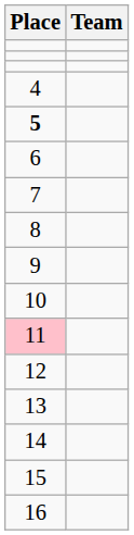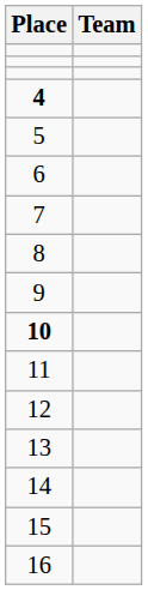 <table class="wikitable" style="text-align:center">
 <tr>
 <th>Place</th>
 <th>Team</th>
 </tr>
 <tr>
 <td></td>
 <td align="left"></td>
 </tr>
 <tr>
 <td></td>
 <td align="left"></td>
 </tr>
 <tr>
 <td></td>
 <td align="left"></td>
 </tr>
 <tr>
-<td>4</td>
+<td><strong>4</strong></td>
 <td align="left"></td>
 </tr>
 <tr>
-<td><strong>5</strong></td>
+<td>5</td>
 <td align="left"></td>
 </tr>
 <tr>
 <td>6</td>
 <td align="left"></td>
 </tr>
 <tr>
 <td>7</td>
 <td align="left"></td>
 </tr>
 <tr>
 <td>8</td>
 <td align="left"></td>
 </tr>
 <tr>
 <td>9</td>
 <td align="left"></td>
 </tr>
 <tr>
-<td>10</td>
+<td><strong>10</strong></td>
 <td align="left"></td>
 </tr>
 <tr>
-<td style="background: pink;">11</td>
+<td>11</td>
 <td align="left"></td>
 </tr>
 <tr>
 <td>12</td>
 <td align="left"></td>
 </tr>
 <tr>
 <td>13</td>
 <td align="left"></td>
 </tr>
 <tr>
 <td>14</td>
 <td align="left"></td>
 </tr>
 <tr>
 <td>15</td>
 <td align="left"></td>
 </tr>
 <tr>
 <td>16</td>
 <td align="left"></td>
 </tr>
 </table>
